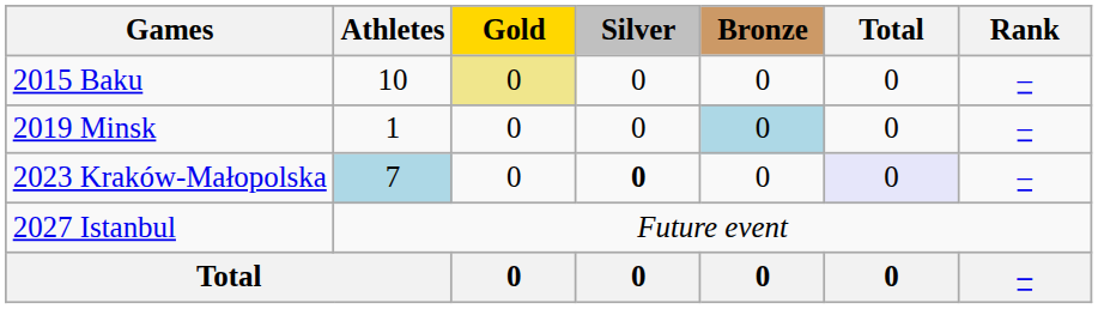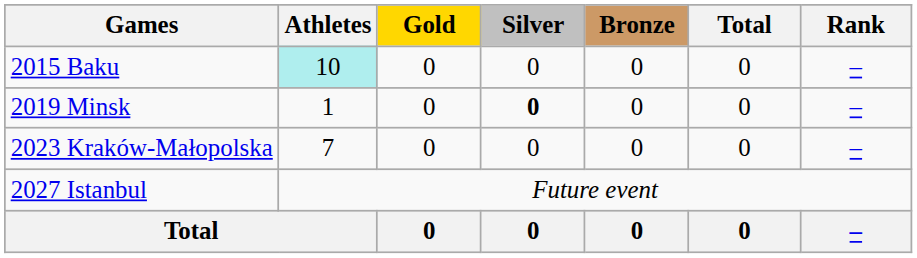 <table class="wikitable" style="text-align:center; font-size:90%;">
 <tr>
 <th>Games</th>
 <th>Athletes</th>
 <td style="background:gold; width:3.7em; font-weight:bold;">Gold</td>
 <td style="background:silver; width:3.7em; font-weight:bold;">Silver</td>
 <td style="background:#cc9966; width:3.7em; font-weight:bold;">Bronze</td>
 <th style="width:4em; font-weight:bold;">Total</th>
 <th style="width:4em; font-weight:bold;">Rank</th>
 </tr>
 <tr>
 <td align=left> <a href='#'>2015 Baku</a></td>
-<td>10</td>
-<td style="background: khaki;">0</td>
+<td style="background: paleturquoise;">10</td>
+<td>0</td>
 <td>0</td>
 <td>0</td>
 <td>0</td>
 <td><a href='#'>–</a></td>
 </tr>
 <tr>
 <td align=left> <a href='#'>2019 Minsk</a></td>
 <td>1</td>
 <td>0</td>
+<td><strong>0</strong></td>
 <td>0</td>
-<td style="background: lightblue;">0</td>
 <td>0</td>
 <td><a href='#'>–</a></td>
 </tr>
 <tr>
 <td align=left> <a href='#'>2023 Kraków-Małopolska</a></td>
-<td style="background: lightblue;">7</td>
+<td>7</td>
 <td>0</td>
-<td><strong>0</strong></td>
 <td>0</td>
-<td style="background: lavender;">0</td>
+<td>0</td>
+<td>0</td>
 <td><a href='#'>–</a></td>
 </tr>
 <tr>
 <td align=left> <a href='#'>2027 Istanbul</a></td>
 <td colspan=6><em>Future event</em></td>
 </tr>
 <tr>
 <th colspan=2>Total</th>
 <th>0</th>
 <th>0</th>
 <th>0</th>
 <th>0</th>
 <th><a href='#'>–</a></th>
 </tr>
 </table>
